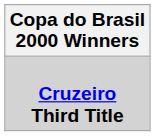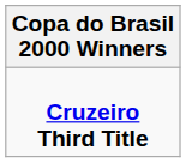 <table class="wikitable" style="text-align: center; margin: 0 auto;">
 <tr>
 <th>Copa do Brasil<br>2000 Winners</th>
 </tr>
 <tr>
-<td style="background: lightgrey;"><br><strong><a href='#'>Cruzeiro</a></strong><br><strong>Third Title</strong></td>
+<td><br><strong><a href='#'>Cruzeiro</a></strong><br><strong>Third Title</strong></td>
 </tr>
 </table>
